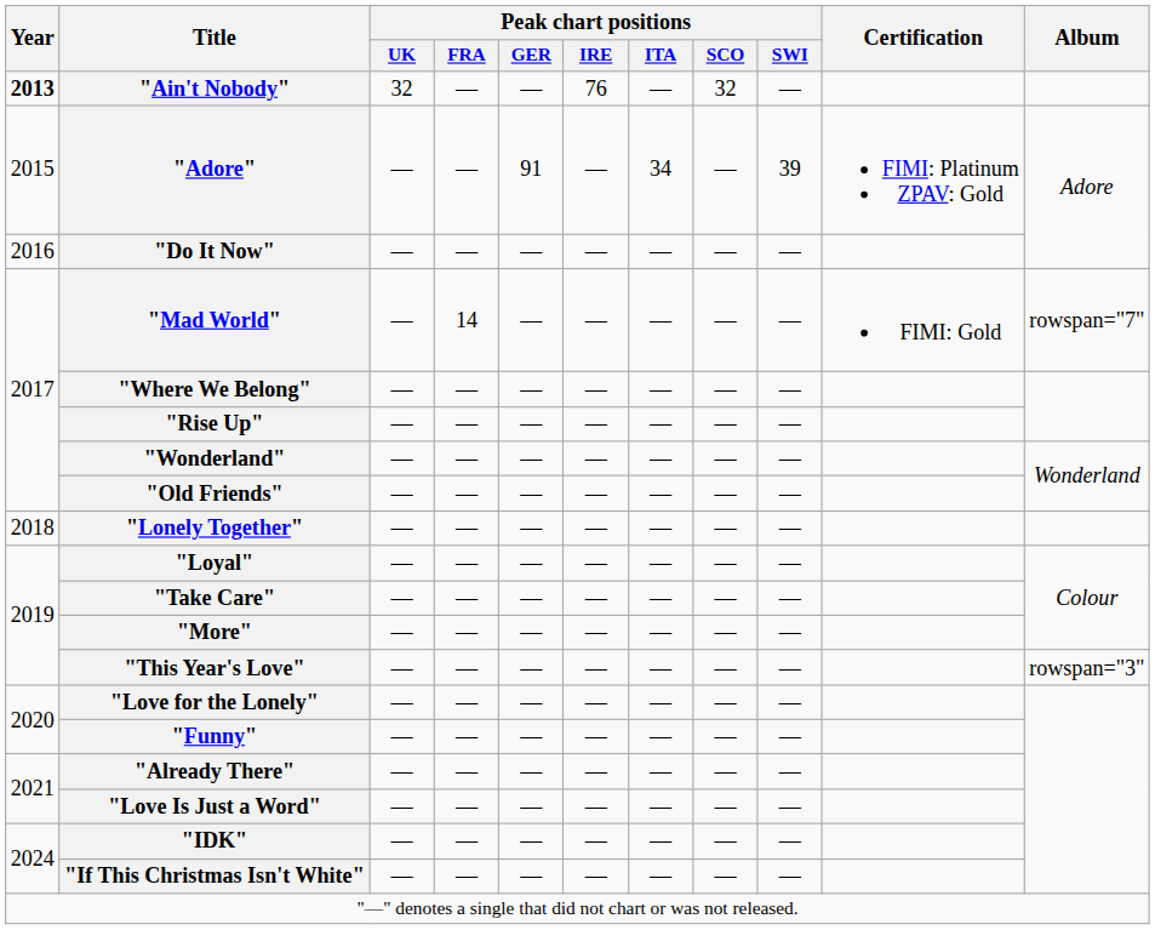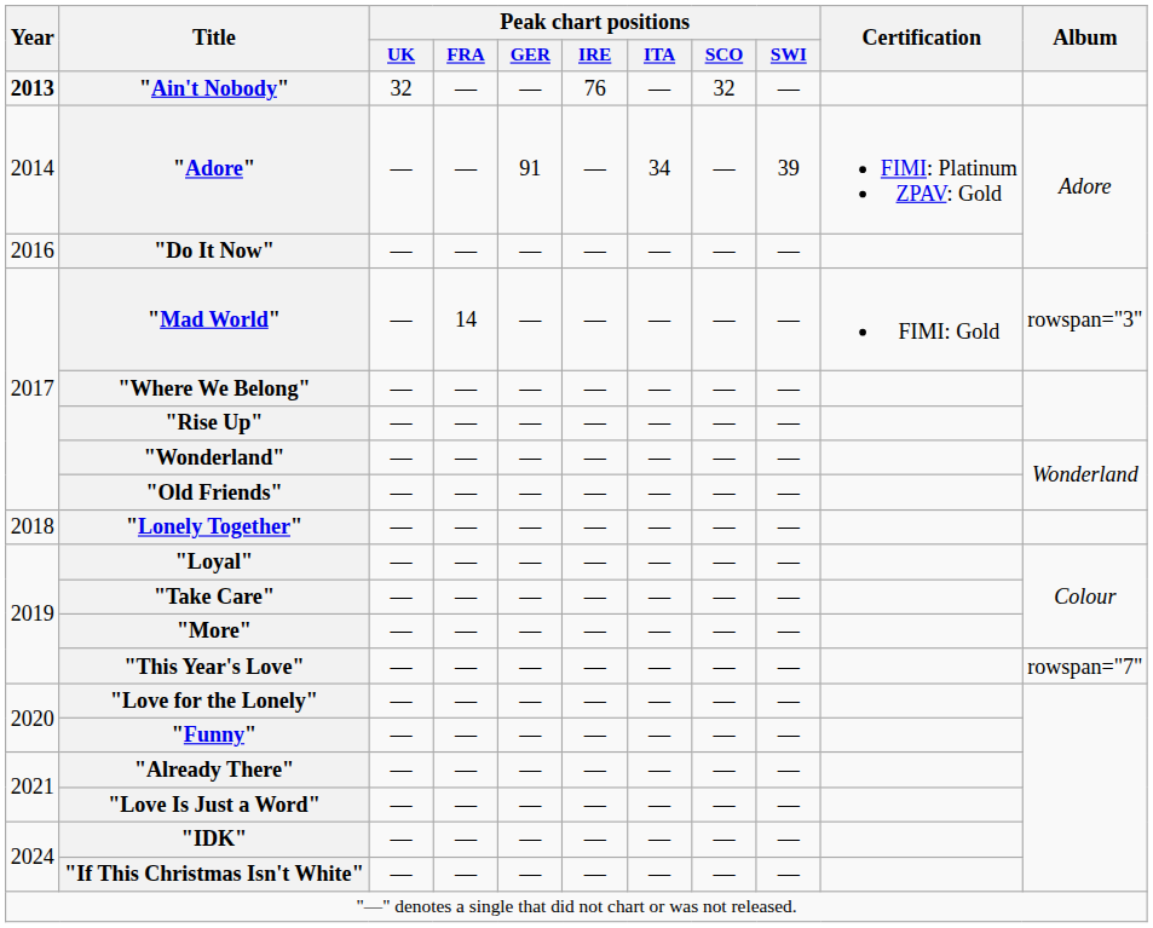 <table class="wikitable plainrowheaders" style="text-align:center;">
 <tr>
 <th scope="col" rowspan="2">Year</th>
 <th scope="col" rowspan="2">Title</th>
 <th scope="col" colspan="7">Peak chart positions</th>
 <th scope="col" rowspan="2">Certification</th>
 <th scope="col" rowspan="2">Album</th>
 </tr>
 <tr>
 <th scope="col" style="width:3em;font-size:85%;"><a href='#'>UK</a><br></th>
 <th scope="col" style="width:3em;font-size:85%;"><a href='#'>FRA</a><br></th>
 <th scope="col" style="width:3em;font-size:85%;"><a href='#'>GER</a><br></th>
 <th scope="col" style="width:3em;font-size:85%;"><a href='#'>IRE</a><br></th>
 <th scope="col" style="width:3em;font-size:85%;"><a href='#'>ITA</a><br></th>
 <th scope="col" style="width:3em;font-size:85%;"><a href='#'>SCO</a><br></th>
 <th scope="col" style="width:3em;font-size:85%;"><a href='#'>SWI</a><br></th>
 </tr>
 <tr>
 <td><strong>2013</strong></td>
 <th scope="row">"<a href='#'>Ain't Nobody</a>"</th>
 <td>32</td>
 <td>—</td>
 <td>—</td>
 <td>76</td>
 <td>—</td>
 <td>32</td>
 <td>—</td>
 <td></td>
 <td></td>
 </tr>
 <tr>
-<td>2015</td>
+<td>2014</td>
 <th scope="row">"<a href='#'>Adore</a>"</th>
 <td>—</td>
 <td>—</td>
 <td>91</td>
 <td>—</td>
 <td>34</td>
 <td>—</td>
 <td>39</td>
 <td><br><ul><li><a href='#'>FIMI</a>: Platinum</li><li><a href='#'>ZPAV</a>: Gold</li></ul></td>
 <td rowspan="2"><em>Adore</em></td>
 </tr>
 <tr>
 <td>2016</td>
 <th scope="row">"Do It Now"</th>
 <td>—</td>
 <td>—</td>
 <td>—</td>
 <td>—</td>
 <td>—</td>
 <td>—</td>
 <td>—</td>
 <td></td>
 </tr>
 <tr>
 <td rowspan="5">2017</td>
 <th scope="row">"<a href='#'>Mad World</a>"</th>
 <td>—</td>
 <td>14</td>
 <td>—</td>
 <td>—</td>
 <td>—</td>
 <td>—</td>
 <td>—</td>
 <td><br><ul><li>FIMI: Gold</li></ul></td>
-<td>rowspan="7" </td>
+<td>rowspan="3" </td>
 </tr>
 <tr>
 <th scope="row">"Where We Belong"<br></th>
 <td>—</td>
 <td>—</td>
 <td>—</td>
 <td>—</td>
 <td>—</td>
 <td>—</td>
 <td>—</td>
 <td></td>
 </tr>
 <tr>
 <th scope="row">"Rise Up"<br></th>
 <td>—</td>
 <td>—</td>
 <td>—</td>
 <td>—</td>
 <td>—</td>
 <td>—</td>
 <td>—</td>
 <td></td>
 </tr>
 <tr>
 <th scope="row">"Wonderland"</th>
 <td>—</td>
 <td>—</td>
 <td>—</td>
 <td>—</td>
 <td>—</td>
 <td>—</td>
 <td>—</td>
 <td></td>
 <td rowspan="2"><em>Wonderland</em></td>
 </tr>
 <tr>
 <th scope="row">"Old Friends"</th>
 <td>—</td>
 <td>—</td>
 <td>—</td>
 <td>—</td>
 <td>—</td>
 <td>—</td>
 <td>—</td>
 <td></td>
 </tr>
 <tr>
 <td>2018</td>
 <th scope="row">"<a href='#'>Lonely Together</a>"</th>
 <td>—</td>
 <td>—</td>
 <td>—</td>
 <td>—</td>
 <td>—</td>
 <td>—</td>
 <td>—</td>
 <td></td>
 <td></td>
 </tr>
 <tr>
 <td rowspan="4">2019</td>
 <th scope="row">"Loyal"</th>
 <td>—</td>
 <td>—</td>
 <td>—</td>
 <td>—</td>
 <td>—</td>
 <td>—</td>
 <td>—</td>
 <td></td>
 <td rowspan="3"><em>Colour</em></td>
 </tr>
 <tr>
 <th scope="row">"Take Care"</th>
 <td>—</td>
 <td>—</td>
 <td>—</td>
 <td>—</td>
 <td>—</td>
 <td>—</td>
 <td>—</td>
 <td></td>
 </tr>
 <tr>
 <th scope="row">"More"</th>
 <td>—</td>
 <td>—</td>
 <td>—</td>
 <td>—</td>
 <td>—</td>
 <td>—</td>
 <td>—</td>
 <td></td>
 </tr>
 <tr>
 <th scope="row">"This Year's Love"</th>
 <td>—</td>
 <td>—</td>
 <td>—</td>
 <td>—</td>
 <td>—</td>
 <td>—</td>
 <td>—</td>
 <td></td>
-<td>rowspan="3" </td>
+<td>rowspan="7" </td>
 </tr>
 <tr>
 <td rowspan="2">2020</td>
 <th scope="row">"Love for the Lonely"</th>
 <td>—</td>
 <td>—</td>
 <td>—</td>
 <td>—</td>
 <td>—</td>
 <td>—</td>
 <td>—</td>
 <td></td>
 </tr>
 <tr>
 <th scope="row">"<a href='#'>Funny</a>"<br></th>
 <td>—</td>
 <td>—</td>
 <td>—</td>
 <td>—</td>
 <td>—</td>
 <td>—</td>
 <td>—</td>
 <td></td>
 </tr>
 <tr>
 <td rowspan="2">2021</td>
 <th scope="row">"Already There"</th>
 <td>—</td>
 <td>—</td>
 <td>—</td>
 <td>—</td>
 <td>—</td>
 <td>—</td>
 <td>—</td>
 <td></td>
 </tr>
 <tr>
 <th scope="row">"Love Is Just a Word"<br></th>
 <td>—</td>
 <td>—</td>
 <td>—</td>
 <td>—</td>
 <td>—</td>
 <td>—</td>
 <td>—</td>
 <td></td>
 </tr>
 <tr>
 <td rowspan="2">2024</td>
 <th scope="row">"IDK"</th>
 <td>—</td>
 <td>—</td>
 <td>—</td>
 <td>—</td>
 <td>—</td>
 <td>—</td>
 <td>—</td>
 <td></td>
 </tr>
 <tr>
 <th scope="row">"If This Christmas Isn't White"<br></th>
 <td>—</td>
 <td>—</td>
 <td>—</td>
 <td>—</td>
 <td>—</td>
 <td>—</td>
 <td>—</td>
 <td></td>
 </tr>
 <tr>
 <td colspan="14" style="font-size:85%">"—" denotes a single that did not chart or was not released.</td>
 </tr>
 </table>
